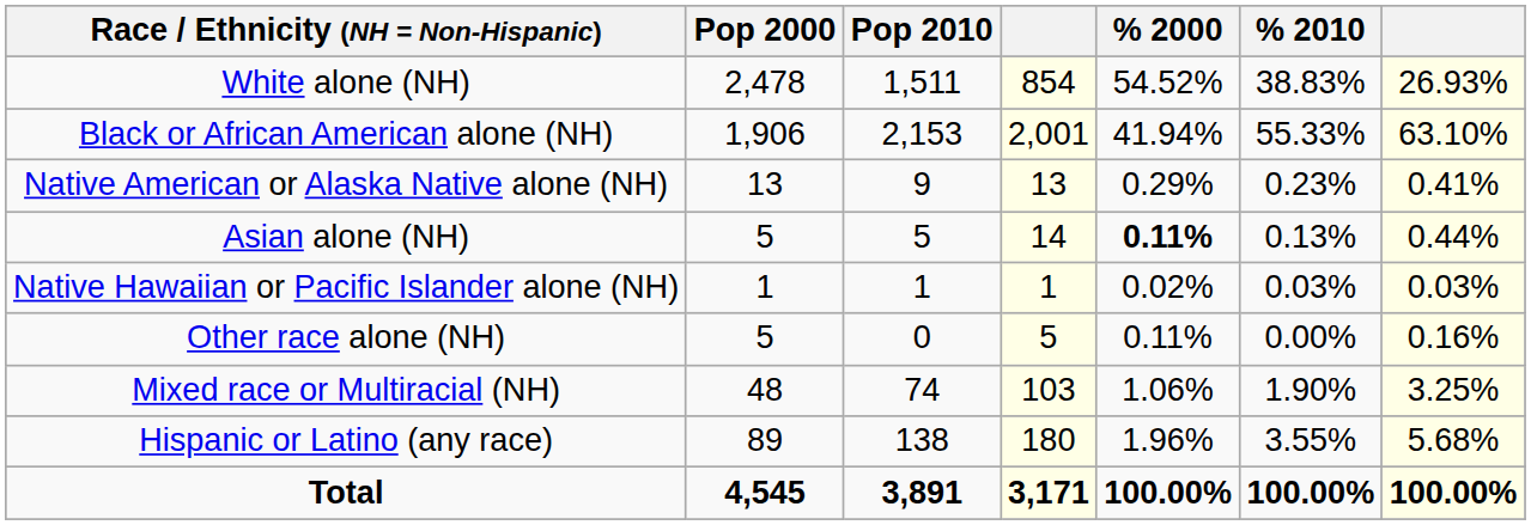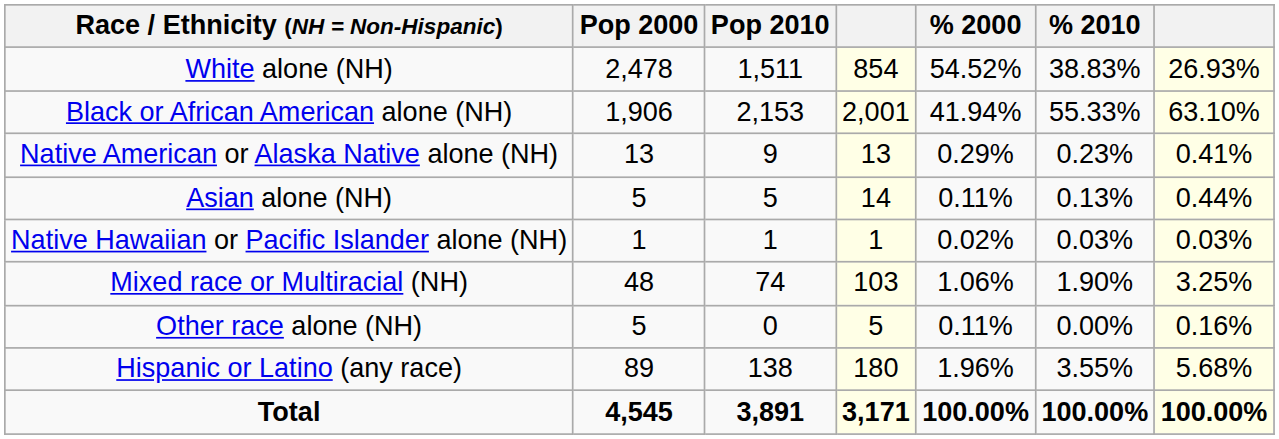 <table class="wikitable" style="text-align:center;">
 <tr>
 <th>Race / Ethnicity <small>(<em>NH = Non-Hispanic</em>)</small></th>
 <th>Pop 2000</th>
 <th>Pop 2010</th>
 <th></th>
 <th>% 2000</th>
 <th>% 2010</th>
 <th></th>
 </tr>
 <tr>
 <td><a href='#'>White</a> alone (NH)</td>
 <td>2,478</td>
 <td>1,511</td>
 <td style='background: #ffffe6;'>854</td>
 <td>54.52%</td>
 <td>38.83%</td>
 <td style='background: #ffffe6;'>26.93%</td>
 </tr>
 <tr>
 <td><a href='#'>Black or African American</a> alone (NH)</td>
 <td>1,906</td>
 <td>2,153</td>
 <td style='background: #ffffe6;'>2,001</td>
 <td>41.94%</td>
 <td>55.33%</td>
 <td style='background: #ffffe6;'>63.10%</td>
 </tr>
 <tr>
 <td><a href='#'>Native American</a> or <a href='#'>Alaska Native</a> alone (NH)</td>
 <td>13</td>
 <td>9</td>
 <td style='background: #ffffe6;'>13</td>
 <td>0.29%</td>
 <td>0.23%</td>
 <td style='background: #ffffe6;'>0.41%</td>
 </tr>
 <tr>
 <td><a href='#'>Asian</a> alone (NH)</td>
 <td>5</td>
 <td>5</td>
 <td style='background: #ffffe6;'>14</td>
-<td><strong>0.11%</strong></td>
+<td>0.11%</td>
 <td>0.13%</td>
 <td style='background: #ffffe6;'>0.44%</td>
 </tr>
 <tr>
 <td><a href='#'>Native Hawaiian</a> or <a href='#'>Pacific Islander</a> alone (NH)</td>
 <td>1</td>
 <td>1</td>
 <td style='background: #ffffe6;'>1</td>
 <td>0.02%</td>
 <td>0.03%</td>
 <td style='background: #ffffe6;'>0.03%</td>
 </tr>
 <tr>
+<td><a href='#'>Mixed race or Multiracial</a> (NH)</td>
+<td>48</td>
+<td>74</td>
+<td style='background: #ffffe6;'>103</td>
+<td>1.06%</td>
+<td>1.90%</td>
+<td style='background: #ffffe6;'>3.25%</td>
+</tr>
+<tr>
 <td><a href='#'>Other race</a> alone (NH)</td>
 <td>5</td>
 <td>0</td>
 <td style='background: #ffffe6;'>5</td>
 <td>0.11%</td>
 <td>0.00%</td>
 <td style='background: #ffffe6;'>0.16%</td>
-</tr>
-<tr>
-<td><a href='#'>Mixed race or Multiracial</a> (NH)</td>
-<td>48</td>
-<td>74</td>
-<td style='background: #ffffe6;'>103</td>
-<td>1.06%</td>
-<td>1.90%</td>
-<td style='background: #ffffe6;'>3.25%</td>
 </tr>
 <tr>
 <td><a href='#'>Hispanic or Latino</a> (any race)</td>
 <td>89</td>
 <td>138</td>
 <td style='background: #ffffe6;'>180</td>
 <td>1.96%</td>
 <td>3.55%</td>
 <td style='background: #ffffe6;'>5.68%</td>
 </tr>
 <tr>
 <td><strong>Total</strong></td>
 <td><strong>4,545</strong></td>
 <td><strong>3,891</strong></td>
 <td style='background: #ffffe6;'><strong>3,171</strong></td>
 <td><strong>100.00%</strong></td>
 <td><strong>100.00%</strong></td>
 <td style='background: #ffffe6;'><strong>100.00%</strong></td>
 </tr>
 </table>
